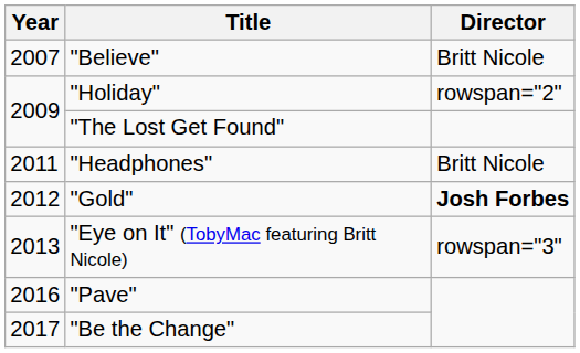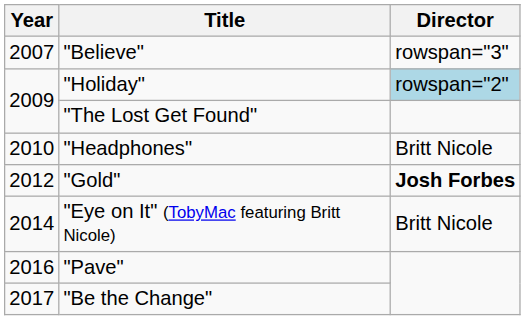 <table class="wikitable">
 <tr>
 <th>Year</th>
 <th scope="col" style="width:16em;">Title</th>
 <th>Director</th>
 </tr>
 <tr>
 <td>2007</td>
 <td scope="row">"Believe"</td>
-<td>Britt Nicole</td>
+<td>rowspan="3" </td>
 </tr>
 <tr>
 <td rowspan="2">2009</td>
 <td scope="row">"Holiday"</td>
-<td>rowspan="2" </td>
+<td style="background: lightblue;">rowspan="2" </td>
 </tr>
 <tr>
 <td scope="row">"The Lost Get Found"</td>
 </tr>
 <tr>
-<td>2011</td>
+<td>2010</td>
 <td scope="row">"Headphones"</td>
 <td>Britt Nicole</td>
 </tr>
 <tr>
 <td>2012</td>
 <td scope="row">"Gold"</td>
 <td><strong>Josh Forbes</strong></td>
 </tr>
 <tr>
-<td>2013</td>
+<td>2014</td>
 <td>"Eye on It" <small>(<a href='#'>TobyMac</a> featuring Britt Nicole)</small></td>
-<td>rowspan="3" </td>
+<td>Britt Nicole</td>
 </tr>
 <tr>
 <td>2016</td>
 <td scope="row">"Pave"</td>
 </tr>
 <tr>
 <td>2017</td>
 <td scope="row">"Be the Change"</td>
 </tr>
 </table>
